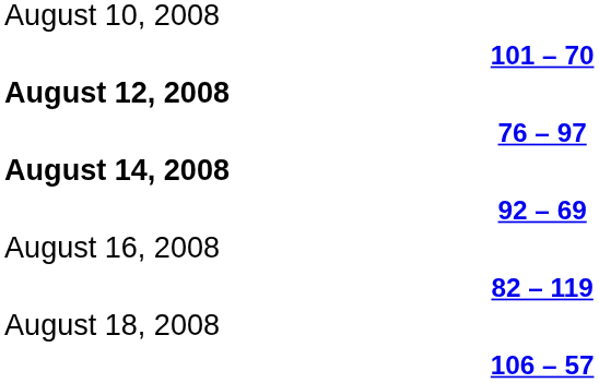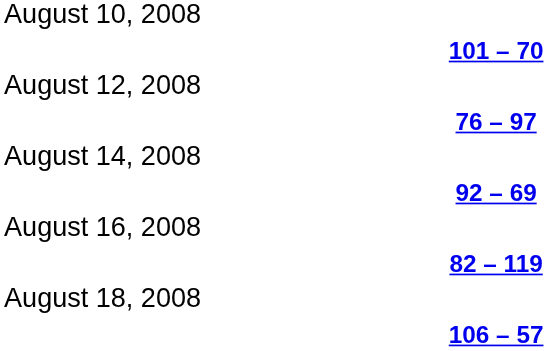 <table style="white-space:nowrap">
 <tr>
 <th style="width:45%"></th>
 <th></th>
 <th style="width:45%"></th>
 </tr>
 <tr>
 <td>August 10, 2008</td>
 </tr>
 <tr style=font-size:90%>
 <td align=right><strong></strong></td>
 <td align=center><strong><a href='#'>101 – 70</a></strong></td>
 <td><strong></strong></td>
 </tr>
 <tr>
-<td><strong>August 12, 2008</strong></td>
+<td>August 12, 2008</td>
 </tr>
 <tr style=font-size:90%>
 <td align=right><strong></strong></td>
 <td align=center><strong><a href='#'>76 – 97</a></strong></td>
 <td><strong></strong></td>
 </tr>
 <tr>
-<td><strong>August 14, 2008</strong></td>
+<td>August 14, 2008</td>
 </tr>
 <tr style=font-size:90%>
 <td align=right><strong></strong></td>
 <td align=center><strong><a href='#'>92 – 69</a></strong></td>
 <td><strong></strong></td>
 </tr>
 <tr>
 <td>August 16, 2008</td>
 </tr>
 <tr style=font-size:90%>
 <td align=right><strong></strong></td>
 <td align=center><strong><a href='#'>82 – 119</a></strong></td>
 <td><strong></strong></td>
 </tr>
 <tr>
 <td>August 18, 2008</td>
 </tr>
 <tr style=font-size:90%>
 <td align=right><strong></strong></td>
 <td align=center><strong><a href='#'>106 – 57</a></strong></td>
 <td><strong></strong></td>
 </tr>
 </table>
